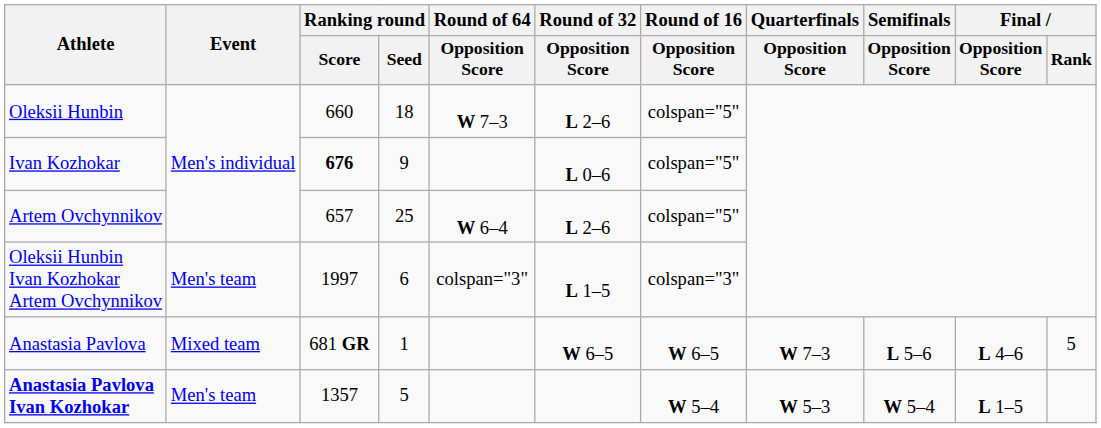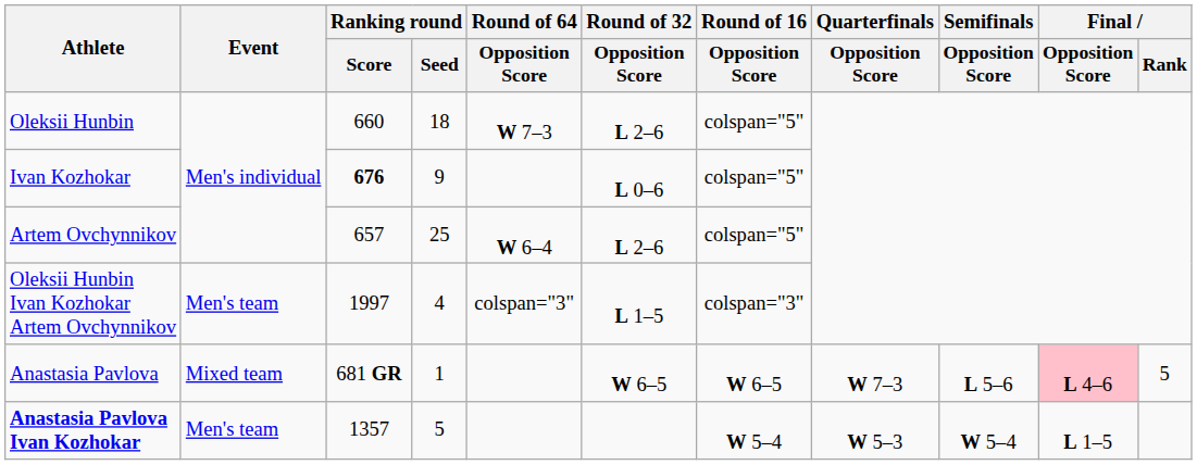 <table class="wikitable" style="text-align:center; font-size:90%">
 <tr>
 <th rowspan="2">Athlete</th>
 <th rowspan="2">Event</th>
 <th colspan="2">Ranking round</th>
 <th>Round of 64</th>
 <th>Round of 32</th>
 <th>Round of 16</th>
 <th>Quarterfinals</th>
 <th>Semifinals</th>
 <th colspan="2">Final / </th>
 </tr>
 <tr style="font-size:95%">
 <th>Score</th>
 <th>Seed</th>
 <th>Opposition<br>Score</th>
 <th>Opposition<br>Score</th>
 <th>Opposition<br>Score</th>
 <th>Opposition<br>Score</th>
 <th>Opposition<br>Score</th>
 <th>Opposition<br>Score</th>
 <th>Rank</th>
 </tr>
 <tr>
 <td align="left"><a href='#'>Oleksii Hunbin</a></td>
 <td align="left" rowspan="3"><a href='#'>Men's individual</a></td>
 <td>660</td>
 <td>18</td>
 <td><br><strong>W</strong> 7–3</td>
 <td><br><strong>L</strong> 2–6</td>
 <td>colspan="5" </td>
 </tr>
 <tr>
 <td align="left"><a href='#'>Ivan Kozhokar</a></td>
 <td><strong>676</strong></td>
 <td>9</td>
 <td></td>
 <td><br><strong>L</strong> 0–6</td>
 <td>colspan="5" </td>
 </tr>
 <tr>
 <td align="left"><a href='#'>Artem Ovchynnikov</a></td>
 <td>657</td>
 <td>25</td>
 <td><br><strong>W</strong> 6–4</td>
 <td><br><strong>L</strong> 2–6</td>
 <td>colspan="5" </td>
 </tr>
 <tr>
 <td align="left"><a href='#'>Oleksii Hunbin</a><br><a href='#'>Ivan Kozhokar</a><br><a href='#'>Artem Ovchynnikov</a></td>
 <td align="left"><a href='#'>Men's team</a></td>
 <td>1997</td>
-<td>6</td>
+<td>4</td>
 <td>colspan="3" </td>
 <td><br><strong>L</strong> 1–5</td>
 <td>colspan="3" </td>
 </tr>
 <tr>
 <td align="left"><a href='#'>Anastasia Pavlova</a></td>
 <td align="left"><a href='#'>Mixed team</a></td>
 <td>681 <strong>GR</strong></td>
 <td>1</td>
 <td></td>
 <td><br><strong>W</strong> 6–5</td>
 <td><br><strong>W</strong> 6–5</td>
 <td><br><strong>W</strong> 7–3</td>
 <td><br><strong>L</strong> 5–6</td>
-<td><br><strong>L</strong> 4–6</td>
+<td style="background: pink;"><br><strong>L</strong> 4–6</td>
 <td>5</td>
 </tr>
 <tr>
 <td align="left"><strong><a href='#'>Anastasia Pavlova</a><br><a href='#'>Ivan Kozhokar</a></strong></td>
 <td align="left"><a href='#'>Men's team</a></td>
 <td>1357</td>
 <td>5</td>
 <td></td>
 <td></td>
 <td><br><strong>W</strong> 5–4</td>
 <td><br><strong>W</strong> 5–3</td>
 <td><br><strong>W</strong> 5–4</td>
 <td><br><strong>L</strong> 1–5</td>
 <td></td>
 </tr>
 </table>
